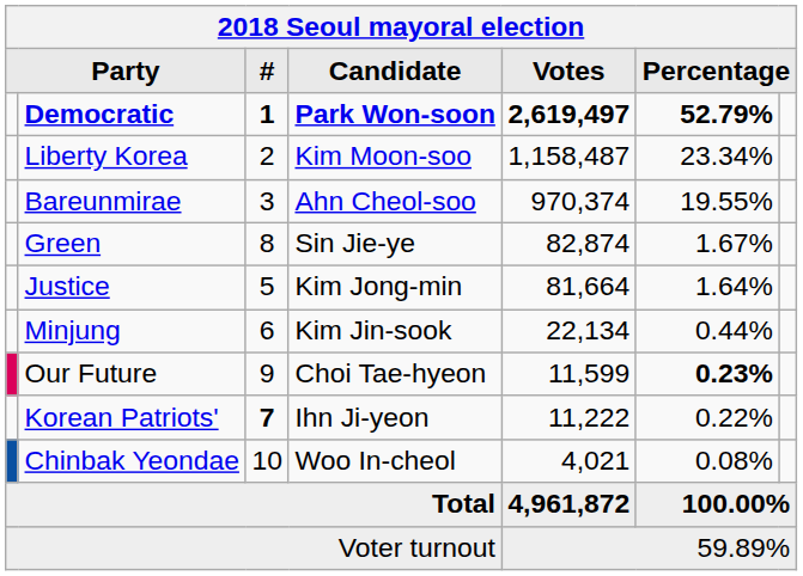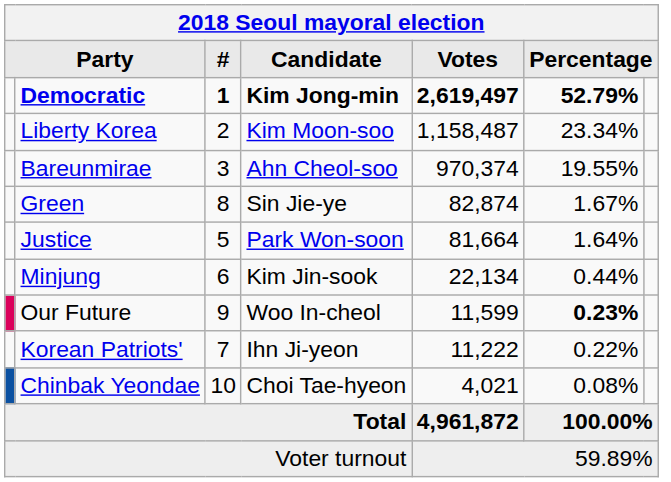 <table class="wikitable">
 <tr>
 <th colspan="7"><a href='#'>2018 Seoul mayoral election</a></th>
 </tr>
 <tr>
 <th style="background-color:#E9E9E9" colspan=2>Party</th>
 <th style="background-color:#E9E9E9">#</th>
 <th style="background-color:#E9E9E9">Candidate</th>
 <th style="background-color:#E9E9E9">Votes</th>
 <th style="background-color:#E9E9E9" colspan=2>Percentage</th>
 </tr>
 <tr style="font-weight:bold">
 <td></td>
 <td align=left><a href='#'>Democratic</a></td>
 <td align=center>1</td>
-<td align=left><a href='#'>Park Won-soon</a></td>
+<td align=left>Kim Jong-min</td>
 <td align=right>2,619,497</td>
 <td align=right>52.79%</td>
 <td align=right></td>
 </tr>
 <tr>
 <td></td>
 <td align=left><a href='#'>Liberty Korea</a></td>
 <td align=center>2</td>
 <td align=left><a href='#'>Kim Moon-soo</a></td>
 <td align=right>1,158,487</td>
 <td align=right>23.34%</td>
 <td align=right></td>
 </tr>
 <tr>
 <td></td>
 <td align=left><a href='#'>Bareunmirae</a></td>
 <td align=center>3</td>
 <td align=left><a href='#'>Ahn Cheol-soo</a></td>
 <td align=right>970,374</td>
 <td align=right>19.55%</td>
 <td align=right></td>
 </tr>
 <tr>
 <td></td>
 <td align=left><a href='#'>Green</a></td>
 <td align=center>8</td>
 <td align=left>Sin Jie-ye</td>
 <td align=right>82,874</td>
 <td align=right>1.67%</td>
 <td align=right></td>
 </tr>
 <tr>
 <td></td>
 <td align=left><a href='#'>Justice</a></td>
 <td align=center>5</td>
-<td align=left>Kim Jong-min</td>
+<td align=left><a href='#'>Park Won-soon</a></td>
 <td align=right>81,664</td>
 <td align=right>1.64%</td>
 <td align=right></td>
 </tr>
 <tr>
 <td></td>
 <td align=left><a href='#'>Minjung</a></td>
 <td align=center>6</td>
 <td align=left>Kim Jin-sook</td>
 <td align=right>22,134</td>
 <td align=right>0.44%</td>
 <td align=right></td>
 </tr>
 <tr>
 <td bgcolor="#DB005B"></td>
 <td align=left>Our Future</td>
 <td align=center>9</td>
-<td align=left>Choi Tae-hyeon</td>
+<td align=left>Woo In-cheol</td>
 <td align=right>11,599</td>
 <td align=right><strong>0.23%</strong></td>
 <td align=right></td>
 </tr>
 <tr>
 <td></td>
 <td align=left><a href='#'>Korean Patriots'</a></td>
-<td align=center><strong>7</strong></td>
+<td align=center>7</td>
 <td align=left>Ihn Ji-yeon</td>
 <td align=right>11,222</td>
 <td align=right>0.22%</td>
 <td align=right></td>
 </tr>
 <tr>
 <td bgcolor="#0A50A1"></td>
 <td align=left><a href='#'>Chinbak Yeondae</a></td>
 <td align=center>10</td>
-<td align=left>Woo In-cheol</td>
+<td align=left>Choi Tae-hyeon</td>
 <td align=right>4,021</td>
 <td align=right>0.08%</td>
 <td align=right></td>
 </tr>
 <tr bgcolor="#EEEEEE" style="font-weight:bold">
 <td colspan="4" align=right>Total</td>
 <td align=right>4,961,872</td>
 <td align=right colspan=2>100.00%</td>
 </tr>
 <tr bgcolor="#EEEEEE">
 <td colspan="4" align="right">Voter turnout</td>
 <td colspan="3" align="right">59.89%</td>
 </tr>
 </table>
